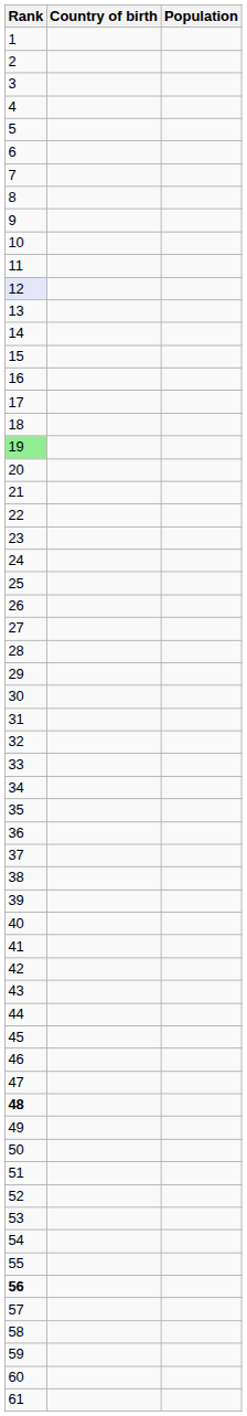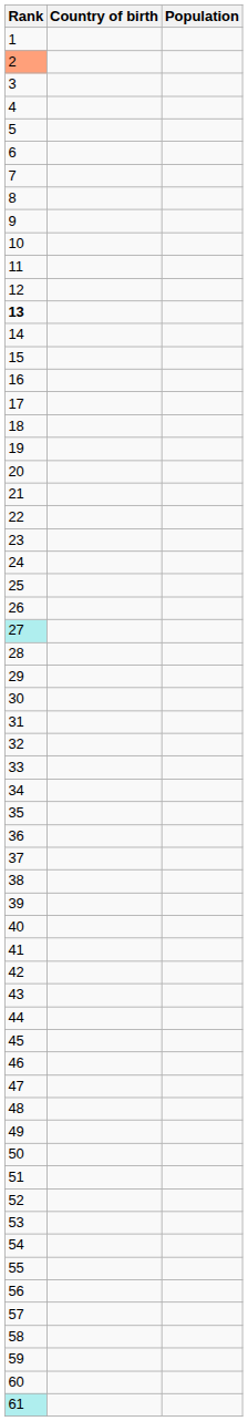 <table class="wikitable mw-collapsible mw-collapsed">
 <tr>
 <th>Rank</th>
 <th>Country of birth</th>
 <th>Population</th>
 </tr>
 <tr>
 <td>1</td>
 <td></td>
 <td style="text-align:right;"></td>
 </tr>
 <tr>
-<td>2</td>
+<td style="background: lightsalmon;">2</td>
 <td></td>
 <td style="text-align:right;"></td>
 </tr>
 <tr>
 <td>3</td>
 <td></td>
 <td style="text-align:right;"></td>
 </tr>
 <tr>
 <td>4</td>
 <td></td>
 <td style="text-align:right;"></td>
 </tr>
 <tr>
 <td>5</td>
 <td></td>
 <td style="text-align:right;"></td>
 </tr>
 <tr>
 <td>6</td>
 <td></td>
 <td style="text-align:right;"></td>
 </tr>
 <tr>
 <td>7</td>
 <td></td>
 <td style="text-align:right;"></td>
 </tr>
 <tr>
 <td>8</td>
 <td></td>
 <td style="text-align:right;"></td>
 </tr>
 <tr>
 <td>9</td>
 <td></td>
 <td style="text-align:right;"></td>
 </tr>
 <tr>
 <td>10</td>
 <td></td>
 <td style="text-align:right;"></td>
 </tr>
 <tr>
 <td>11</td>
 <td></td>
 <td style="text-align:right;"></td>
 </tr>
 <tr>
-<td style="background: lavender;">12</td>
+<td>12</td>
 <td></td>
 <td style="text-align:right;"></td>
 </tr>
 <tr>
-<td>13</td>
+<td><strong>13</strong></td>
 <td></td>
 <td style="text-align:right;"></td>
 </tr>
 <tr>
 <td>14</td>
 <td></td>
 <td style="text-align:right;"></td>
 </tr>
 <tr>
 <td>15</td>
 <td></td>
 <td style="text-align:right;"></td>
 </tr>
 <tr>
 <td>16</td>
 <td></td>
 <td style="text-align:right;"></td>
 </tr>
 <tr>
 <td>17</td>
 <td></td>
 <td style="text-align:right;"></td>
 </tr>
 <tr>
 <td>18</td>
 <td></td>
 <td style="text-align:right;"></td>
 </tr>
 <tr>
-<td style="background: lightgreen;">19</td>
+<td>19</td>
 <td></td>
 <td style="text-align:right;"></td>
 </tr>
 <tr>
 <td>20</td>
 <td></td>
 <td style="text-align:right;"></td>
 </tr>
 <tr>
 <td>21</td>
 <td></td>
 <td style="text-align:right;"></td>
 </tr>
 <tr>
 <td>22</td>
 <td></td>
 <td style="text-align:right;"></td>
 </tr>
 <tr>
 <td>23</td>
 <td></td>
 <td style="text-align:right;"></td>
 </tr>
 <tr>
 <td>24</td>
 <td></td>
 <td style="text-align:right;"></td>
 </tr>
 <tr>
 <td>25</td>
 <td></td>
 <td style="text-align:right;"></td>
 </tr>
 <tr>
 <td>26</td>
 <td></td>
 <td style="text-align:right;"></td>
 </tr>
 <tr>
-<td>27</td>
+<td style="background: paleturquoise;">27</td>
 <td></td>
 <td style="text-align:right;"></td>
 </tr>
 <tr>
 <td>28</td>
 <td></td>
 <td style="text-align:right;"></td>
 </tr>
 <tr>
 <td>29</td>
 <td></td>
 <td style="text-align:right;"></td>
 </tr>
 <tr>
 <td>30</td>
 <td></td>
 <td style="text-align:right;"></td>
 </tr>
 <tr>
 <td>31</td>
 <td></td>
 <td style="text-align:right;"></td>
 </tr>
 <tr>
 <td>32</td>
 <td></td>
 <td style="text-align:right;"></td>
 </tr>
 <tr>
 <td>33</td>
 <td></td>
 <td style="text-align:right;"></td>
 </tr>
 <tr>
 <td>34</td>
 <td></td>
 <td style="text-align:right;"></td>
 </tr>
 <tr>
 <td>35</td>
 <td></td>
 <td style="text-align:right;"></td>
 </tr>
 <tr>
 <td>36</td>
 <td></td>
 <td style="text-align:right;"></td>
 </tr>
 <tr>
 <td>37</td>
 <td></td>
 <td style="text-align:right;"></td>
 </tr>
 <tr>
 <td>38</td>
 <td></td>
 <td style="text-align:right;"></td>
 </tr>
 <tr>
 <td>39</td>
 <td></td>
 <td style="text-align:right;"></td>
 </tr>
 <tr>
 <td>40</td>
 <td></td>
 <td style="text-align:right;"></td>
 </tr>
 <tr>
 <td>41</td>
 <td></td>
 <td style="text-align:right;"></td>
 </tr>
 <tr>
 <td>42</td>
 <td></td>
 <td style="text-align:right;"></td>
 </tr>
 <tr>
 <td>43</td>
 <td></td>
 <td style="text-align:right;"></td>
 </tr>
 <tr>
 <td>44</td>
 <td></td>
 <td style="text-align:right;"></td>
 </tr>
 <tr>
 <td>45</td>
 <td></td>
 <td style="text-align:right;"></td>
 </tr>
 <tr>
 <td>46</td>
 <td></td>
 <td style="text-align:right;"></td>
 </tr>
 <tr>
 <td>47</td>
 <td></td>
 <td style="text-align:right;"></td>
 </tr>
 <tr>
-<td><strong>48</strong></td>
+<td>48</td>
 <td></td>
 <td style="text-align:right;"></td>
 </tr>
 <tr>
 <td>49</td>
 <td></td>
 <td style="text-align:right;"></td>
 </tr>
 <tr>
 <td>50</td>
 <td></td>
 <td style="text-align:right;"></td>
 </tr>
 <tr>
 <td>51</td>
 <td></td>
 <td style="text-align:right;"></td>
 </tr>
 <tr>
 <td>52</td>
 <td></td>
 <td style="text-align:right;"></td>
 </tr>
 <tr>
 <td>53</td>
 <td></td>
 <td style="text-align:right;"></td>
 </tr>
 <tr>
 <td>54</td>
 <td></td>
 <td style="text-align:right;"></td>
 </tr>
 <tr>
 <td>55</td>
 <td></td>
 <td style="text-align:right;"></td>
 </tr>
 <tr>
-<td><strong>56</strong></td>
+<td>56</td>
 <td></td>
 <td style="text-align:right;"></td>
 </tr>
 <tr>
 <td>57</td>
 <td></td>
 <td style="text-align:right;"></td>
 </tr>
 <tr>
 <td>58</td>
 <td></td>
 <td style="text-align:right;"></td>
 </tr>
 <tr>
 <td>59</td>
 <td></td>
 <td style="text-align:right;"></td>
 </tr>
 <tr>
 <td>60</td>
 <td></td>
 <td style="text-align:right;"></td>
 </tr>
 <tr>
-<td>61</td>
+<td style="background: paleturquoise;">61</td>
 <td></td>
 <td style="text-align:right;"></td>
 </tr>
 </table>
